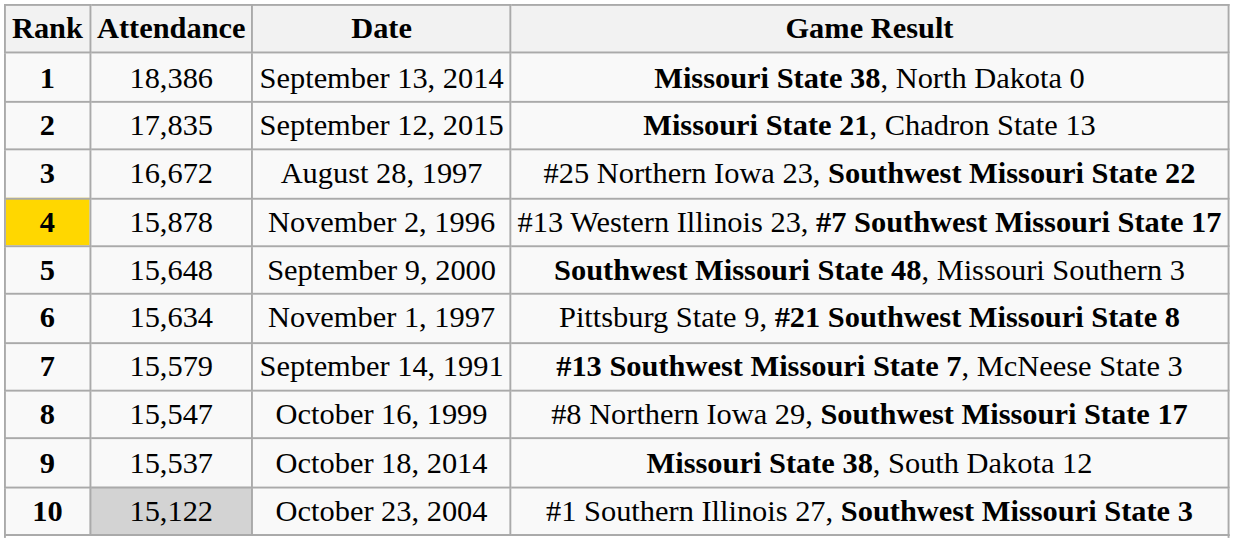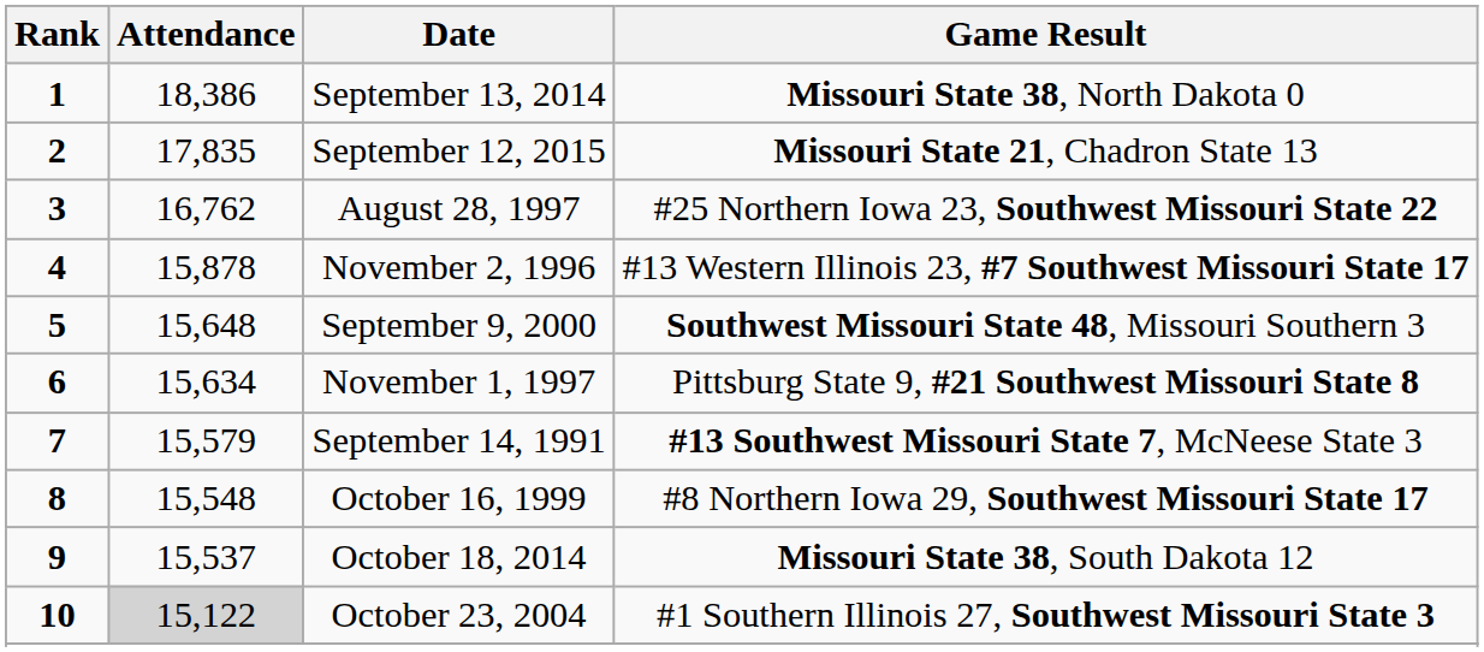 <table class="wikitable">
 <tr>
 <th>Rank</th>
 <th>Attendance</th>
 <th>Date</th>
 <th>Game Result</th>
 </tr>
 <tr align="center">
 <td><strong>1</strong></td>
 <td>18,386</td>
 <td>September 13, 2014</td>
 <td><strong>Missouri State 38</strong>, North Dakota 0</td>
 </tr>
 <tr align="center">
 <td><strong>2</strong></td>
 <td>17,835</td>
 <td>September 12, 2015</td>
 <td><strong>Missouri State 21</strong>, Chadron State 13</td>
 </tr>
 <tr align="center">
 <td><strong>3</strong></td>
-<td>16,672</td>
+<td>16,762</td>
 <td>August 28, 1997</td>
 <td>#25 Northern Iowa 23, <strong>Southwest Missouri State 22</strong></td>
 </tr>
 <tr align="center">
-<td style="background: gold;"><strong>4</strong></td>
+<td><strong>4</strong></td>
 <td>15,878</td>
 <td>November 2, 1996</td>
 <td>#13 Western Illinois 23, <strong>#7 Southwest Missouri State 17</strong></td>
 </tr>
 <tr align="center">
 <td><strong>5</strong></td>
 <td>15,648</td>
 <td>September 9, 2000</td>
 <td><strong>Southwest Missouri State 48</strong>, Missouri Southern 3</td>
 </tr>
 <tr align="center">
 <td><strong>6</strong></td>
 <td>15,634</td>
 <td>November 1, 1997</td>
 <td>Pittsburg State 9, <strong>#21 Southwest Missouri State 8</strong></td>
 </tr>
 <tr align="center">
 <td><strong>7</strong></td>
 <td>15,579</td>
 <td>September 14, 1991</td>
 <td><strong>#13 Southwest Missouri State 7</strong>, McNeese State 3</td>
 </tr>
 <tr align="center">
 <td><strong>8</strong></td>
-<td>15,547</td>
+<td>15,548</td>
 <td>October 16, 1999</td>
 <td>#8 Northern Iowa 29, <strong>Southwest Missouri State 17</strong></td>
 </tr>
 <tr align="center">
 <td><strong>9</strong></td>
 <td>15,537</td>
 <td>October 18, 2014</td>
 <td><strong>Missouri State 38</strong>, South Dakota 12</td>
 </tr>
 <tr align="center">
 <td><strong>10</strong></td>
 <td style="background: lightgrey;">15,122</td>
 <td>October 23, 2004</td>
 <td>#1 Southern Illinois 27, <strong>Southwest Missouri State 3</strong></td>
 </tr>
 <tr align="center">
 </tr>
 <tr>
 </tr>
 </table>
